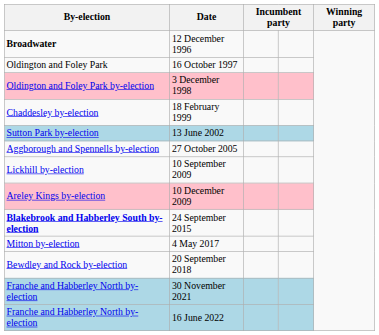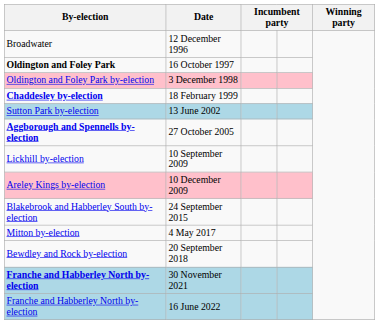 <table class="wikitable">
 <tr>
 <th>By-election</th>
 <th>Date</th>
 <th colspan=2>Incumbent party</th>
 <th colspan=2>Winning party</th>
 </tr>
 <tr bgcolor=>
-<td><strong>Broadwater</strong></td>
+<td>Broadwater</td>
 <td>12 December 1996</td>
 <td></td>
 <td></td>
 </tr>
 <tr bgcolor=>
-<td>Oldington and Foley Park</td>
+<td><strong>Oldington and Foley Park</strong></td>
 <td>16 October 1997</td>
 <td></td>
 <td></td>
 </tr>
 <tr bgcolor=pink>
 <td><a href='#'>Oldington and Foley Park by-election</a></td>
 <td>3 December 1998</td>
 <td></td>
 <td></td>
 </tr>
 <tr bgcolor=>
-<td><a href='#'>Chaddesley by-election</a></td>
+<td><strong><a href='#'>Chaddesley by-election</a></strong></td>
 <td>18 February 1999</td>
 <td></td>
 <td></td>
 </tr>
 <tr bgcolor=lightblue>
 <td><a href='#'>Sutton Park by-election</a></td>
 <td>13 June 2002</td>
 <td></td>
 <td></td>
 </tr>
 <tr bgcolor=>
-<td><a href='#'>Aggborough and Spennells by-election</a></td>
+<td><strong><a href='#'>Aggborough and Spennells by-election</a></strong></td>
 <td>27 October 2005</td>
 <td></td>
 <td></td>
 </tr>
 <tr bgcolor=>
 <td><a href='#'>Lickhill by-election</a></td>
 <td>10 September 2009</td>
 <td></td>
 <td></td>
 </tr>
 <tr bgcolor=pink>
 <td><a href='#'>Areley Kings by-election</a></td>
 <td>10 December 2009</td>
 <td></td>
 <td></td>
 </tr>
 <tr bgcolor=>
-<td><strong><a href='#'>Blakebrook and Habberley South by-election</a></strong></td>
+<td><a href='#'>Blakebrook and Habberley South by-election</a></td>
 <td>24 September 2015</td>
 <td></td>
 <td></td>
 </tr>
 <tr bgcolor=>
 <td><a href='#'>Mitton by-election</a></td>
 <td>4 May 2017</td>
 <td></td>
 <td></td>
 </tr>
 <tr bgcolor=>
 <td><a href='#'>Bewdley and Rock by-election</a></td>
 <td>20 September 2018</td>
 <td></td>
 <td></td>
 </tr>
 <tr bgcolor=lightblue>
-<td><a href='#'>Franche and Habberley North by-election</a></td>
+<td><strong><a href='#'>Franche and Habberley North by-election</a></strong></td>
 <td>30 November 2021</td>
 <td></td>
 <td></td>
 </tr>
 <tr bgcolor=lightblue>
 <td><a href='#'>Franche and Habberley North by-election</a></td>
 <td>16 June 2022</td>
 <td></td>
 <td></td>
 </tr>
 </table>
